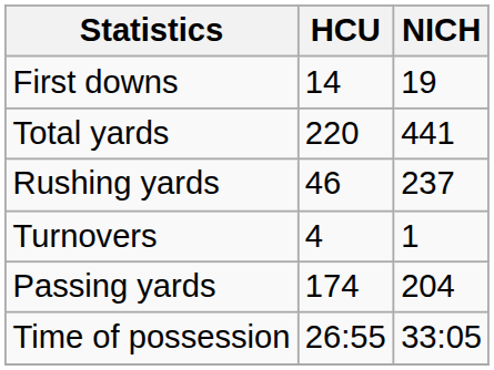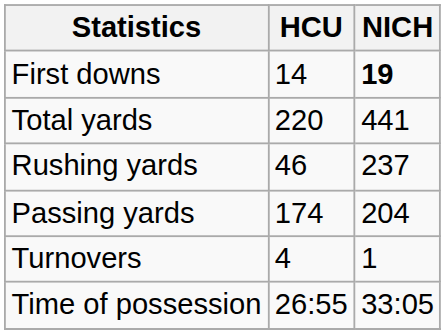 <table class="wikitable" style="float: left;">
 <tr>
 <th>Statistics</th>
 <th>HCU</th>
 <th>NICH</th>
 </tr>
 <tr>
 <td>First downs</td>
 <td>14</td>
-<td>19</td>
+<td><strong>19</strong></td>
 </tr>
 <tr>
 <td>Total yards</td>
 <td>220</td>
 <td>441</td>
 </tr>
 <tr>
 <td>Rushing yards</td>
 <td>46</td>
 <td>237</td>
 </tr>
 <tr>
+<td>Passing yards</td>
+<td>174</td>
+<td>204</td>
+</tr>
+<tr>
 <td>Turnovers</td>
 <td>4</td>
 <td>1</td>
-</tr>
-<tr>
-<td>Passing yards</td>
-<td>174</td>
-<td>204</td>
 </tr>
 <tr>
 <td>Time of possession</td>
 <td>26:55</td>
 <td>33:05</td>
 </tr>
 <tr>
 </tr>
 </table>
